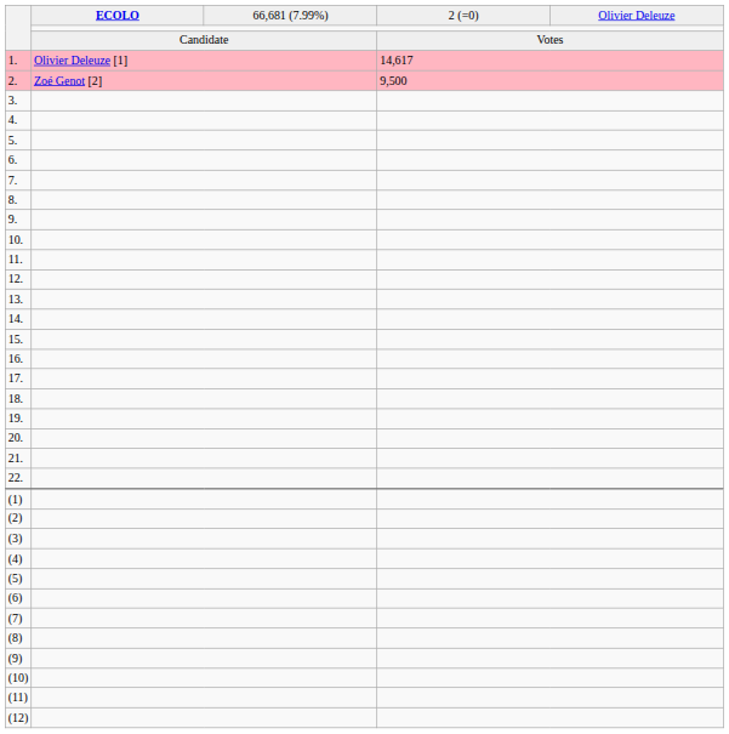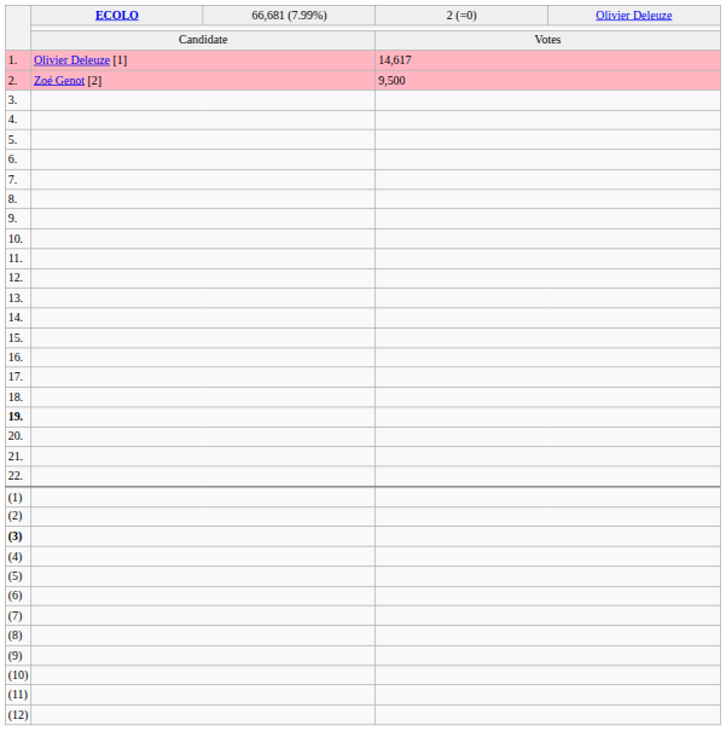 <table class="wikitable collapsible collapsed" style=text-align:left;font-size:90%>
 <tr>
 <th rowspan=3></th>
 <td bgcolor=efefef width=200 align=center><strong> <a href='#'>ECOLO</a></strong></td>
 <td bgcolor=efefef width=200 align=center>66,681 (7.99%)</td>
 <td bgcolor=efefef width=200 align=center>2 (=0)</td>
 <td bgcolor=efefef width=200 align=center><a href='#'>Olivier Deleuze</a></td>
 </tr>
 <tr>
 <td colspan=4 bgcolor=></td>
 </tr>
 <tr>
 <td bgcolor=efefef align=center colspan=2>Candidate</td>
 <td bgcolor=efefef align=center colspan=2>Votes</td>
 </tr>
 <tr bgcolor=lightpink>
 <td>1.</td>
 <td colspan=2><a href='#'>Olivier Deleuze</a> [1]</td>
 <td colspan=2>14,617</td>
 </tr>
 <tr bgcolor=lightpink>
 <td>2.</td>
 <td colspan=2><a href='#'>Zoé Genot</a> [2]</td>
 <td colspan=2>9,500</td>
 </tr>
 <tr>
 <td>3.</td>
 <td colspan=2></td>
 <td colspan=2></td>
 </tr>
 <tr>
 <td>4.</td>
 <td colspan=2></td>
 <td colspan=2></td>
 </tr>
 <tr>
 <td>5.</td>
 <td colspan=2></td>
 <td colspan=2></td>
 </tr>
 <tr>
 <td>6.</td>
 <td colspan=2></td>
 <td colspan=2></td>
 </tr>
 <tr>
 <td>7.</td>
 <td colspan=2></td>
 <td colspan=2></td>
 </tr>
 <tr>
 <td>8.</td>
 <td colspan=2></td>
 <td colspan=2></td>
 </tr>
 <tr>
 <td>9.</td>
 <td colspan=2></td>
 <td colspan=2></td>
 </tr>
 <tr>
 <td>10.</td>
 <td colspan=2></td>
 <td colspan=2></td>
 </tr>
 <tr>
 <td>11.</td>
 <td colspan=2></td>
 <td colspan=2></td>
 </tr>
 <tr>
 <td>12.</td>
 <td colspan=2></td>
 <td colspan=2></td>
 </tr>
 <tr>
 <td>13.</td>
 <td colspan=2></td>
 <td colspan=2></td>
 </tr>
 <tr>
 <td>14.</td>
 <td colspan=2></td>
 <td colspan=2></td>
 </tr>
 <tr>
 <td>15.</td>
 <td colspan=2></td>
 <td colspan=2></td>
 </tr>
 <tr>
 <td>16.</td>
 <td colspan=2></td>
 <td colspan=2></td>
 </tr>
 <tr>
 <td>17.</td>
 <td colspan=2></td>
 <td colspan=2></td>
 </tr>
 <tr>
 <td>18.</td>
 <td colspan=2></td>
 <td colspan=2></td>
 </tr>
 <tr>
-<td>19.</td>
+<td><strong>19.</strong></td>
 <td colspan=2></td>
 <td colspan=2></td>
 </tr>
 <tr>
 <td>20.</td>
 <td colspan=2></td>
 <td colspan=2></td>
 </tr>
 <tr>
 <td>21.</td>
 <td colspan=2></td>
 <td colspan=2></td>
 </tr>
 <tr>
 <td>22.</td>
 <td colspan=2></td>
 <td colspan=2></td>
 </tr>
 <tr style="border-top:2px solid gray;">
 <td>(1)</td>
 <td colspan=2></td>
 <td colspan=2></td>
 </tr>
 <tr>
 <td>(2)</td>
 <td colspan=2></td>
 <td colspan=2></td>
 </tr>
 <tr>
-<td>(3)</td>
+<td><strong>(3)</strong></td>
 <td colspan=2></td>
 <td colspan=2></td>
 </tr>
 <tr>
 <td>(4)</td>
 <td colspan=2></td>
 <td colspan=2></td>
 </tr>
 <tr>
 <td>(5)</td>
 <td colspan=2></td>
 <td colspan=2></td>
 </tr>
 <tr>
 <td>(6)</td>
 <td colspan=2></td>
 <td colspan=2></td>
 </tr>
 <tr>
 <td>(7)</td>
 <td colspan=2></td>
 <td colspan=2></td>
 </tr>
 <tr>
 <td>(8)</td>
 <td colspan=2></td>
 <td colspan=2></td>
 </tr>
 <tr>
 <td>(9)</td>
 <td colspan=2></td>
 <td colspan=2></td>
 </tr>
 <tr>
 <td>(10)</td>
 <td colspan=2></td>
 <td colspan=2></td>
 </tr>
 <tr>
 <td>(11)</td>
 <td colspan=2></td>
 <td colspan=2></td>
 </tr>
 <tr>
 <td>(12)</td>
 <td colspan=2></td>
 <td colspan=2></td>
 </tr>
 </table>
